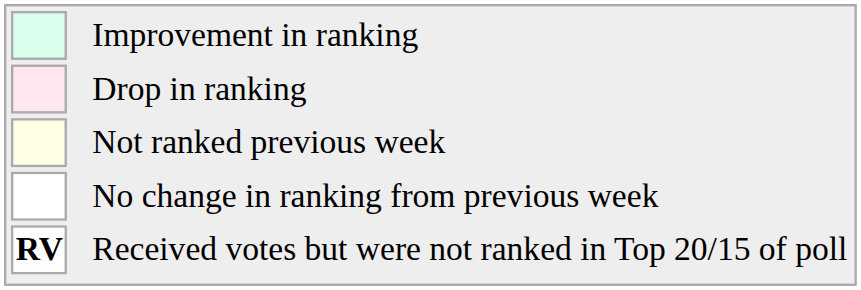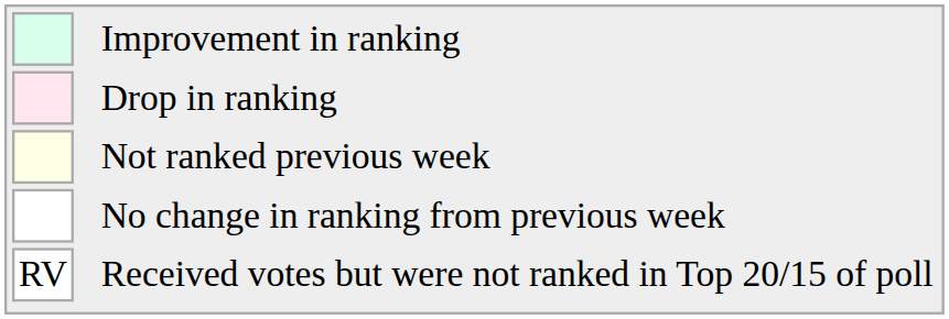 <table style="font-size:90%; border:1px solid #aaa; white-space:nowrap; background:#eee;">
 <tr>
 <td style="background:#d8ffeb; width:20px; border:1px solid #aaa;"> </td>
 <td rowspan=5> </td>
 <td>Improvement in ranking</td>
 </tr>
 <tr>
 <td style="background:#ffe6ef; width:20px; border:1px solid #aaa;"> </td>
 <td>Drop in ranking</td>
 </tr>
 <tr>
 <td style="background:#ffffe6; width:20px; border:1px solid #aaa;"> </td>
 <td>Not ranked previous week</td>
 </tr>
 <tr>
 <td style="background:#fff; width:20px; border:1px solid #aaa;"> </td>
 <td>No change in ranking from previous week</td>
 </tr>
 <tr>
-<td style="text-align:center; width:20px; border:1px solid #aaa; background:white;"><strong>RV</strong></td>
+<td style="text-align:center; width:20px; border:1px solid #aaa; background:white;">RV</td>
 <td>Received votes but were not ranked in Top 20/15 of poll</td>
 </tr>
 <tr>
 </tr>
 </table>
